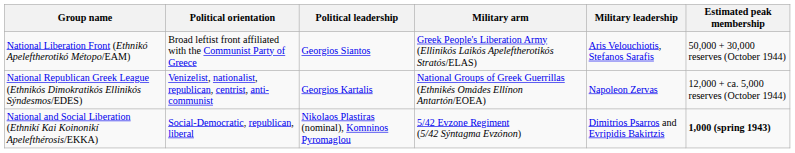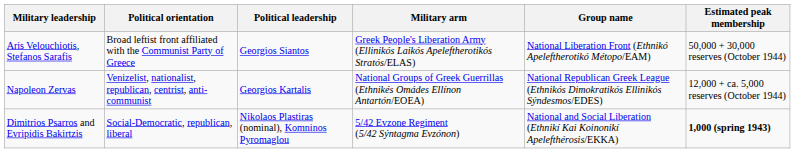 <table class="wikitable">
 <tr>
-<th>Group name</th>
+<th>Military leadership</th>
 <th>Political orientation</th>
 <th>Political leadership</th>
 <th>Military arm</th>
-<th>Military leadership</th>
+<th>Group name</th>
 <th>Estimated peak membership</th>
 </tr>
 <tr>
-<td><a href='#'>National Liberation Front</a> (<em>Ethnikó Apeleftherotikó Métopo</em>/ΕΑΜ) <br></td>
+<td><a href='#'>Aris Velouchiotis</a>, <a href='#'>Stefanos Sarafis</a></td>
 <td>Broad leftist front affiliated with the <a href='#'>Communist Party of Greece</a></td>
 <td><a href='#'>Georgios Siantos</a></td>
 <td><a href='#'>Greek People's Liberation Army</a> (<em>Ellinikós Laikós Apeleftherotikós Stratós</em>/ELAS)</td>
-<td><a href='#'>Aris Velouchiotis</a>, <a href='#'>Stefanos Sarafis</a></td>
+<td><a href='#'>National Liberation Front</a> (<em>Ethnikó Apeleftherotikó Métopo</em>/ΕΑΜ) <br></td>
 <td>50,000 + 30,000 reserves (October 1944)</td>
 </tr>
 <tr>
-<td><a href='#'>National Republican Greek League</a> <br>(<em>Ethnikós Dimokratikós Ellinikós Sýndesmos</em>/EDES)</td>
+<td><a href='#'>Napoleon Zervas</a></td>
 <td><a href='#'>Venizelist</a>, <a href='#'>nationalist</a>, <a href='#'>republican</a>, <a href='#'>centrist</a>, <a href='#'>anti-communist</a></td>
 <td><a href='#'>Georgios Kartalis</a></td>
 <td><a href='#'>National Groups of Greek Guerrillas</a> <br> (<em>Ethnikés Omádes Ellínon Antartón</em>/EOEA)</td>
-<td><a href='#'>Napoleon Zervas</a></td>
+<td><a href='#'>National Republican Greek League</a> <br>(<em>Ethnikós Dimokratikós Ellinikós Sýndesmos</em>/EDES)</td>
 <td>12,000 + ca. 5,000 reserves (October 1944)</td>
 </tr>
 <tr>
-<td><a href='#'>National and Social Liberation</a> <br>(<em>Ethnikí Kai Koinonikí Apelefthérosis</em>/EKKA)</td>
+<td><a href='#'>Dimitrios Psarros</a> and <a href='#'>Evripidis Bakirtzis</a></td>
 <td><a href='#'>Social-Democratic</a>, <a href='#'>republican</a>, <a href='#'>liberal</a></td>
 <td><a href='#'>Nikolaos Plastiras</a> (nominal), <a href='#'>Komninos Pyromaglou</a></td>
 <td><a href='#'>5/42 Evzone Regiment</a><br>(<em>5/42 Sýntagma Evzónon</em>)</td>
-<td><a href='#'>Dimitrios Psarros</a> and <a href='#'>Evripidis Bakirtzis</a></td>
+<td><a href='#'>National and Social Liberation</a> <br>(<em>Ethnikí Kai Koinonikí Apelefthérosis</em>/EKKA)</td>
 <td><strong>1,000 (spring 1943)</strong></td>
 </tr>
 </table>
